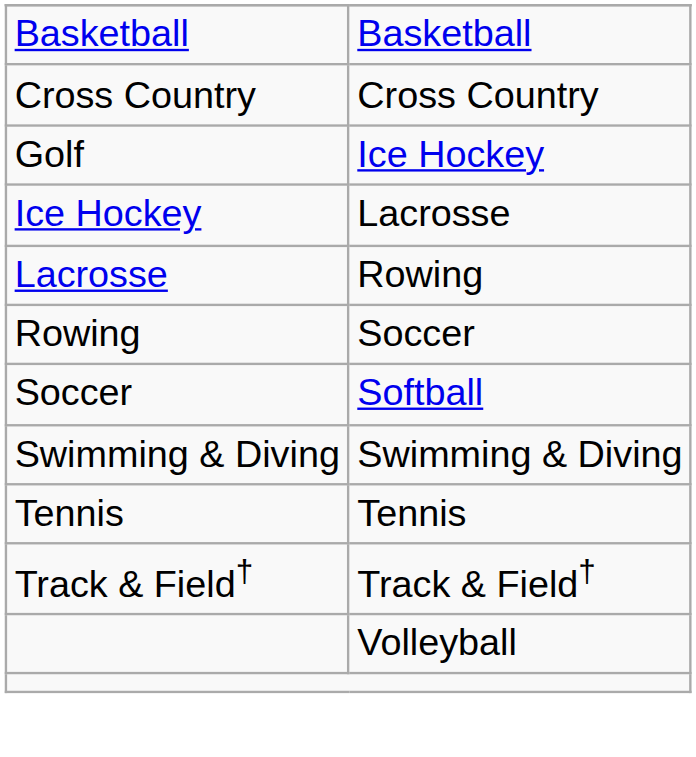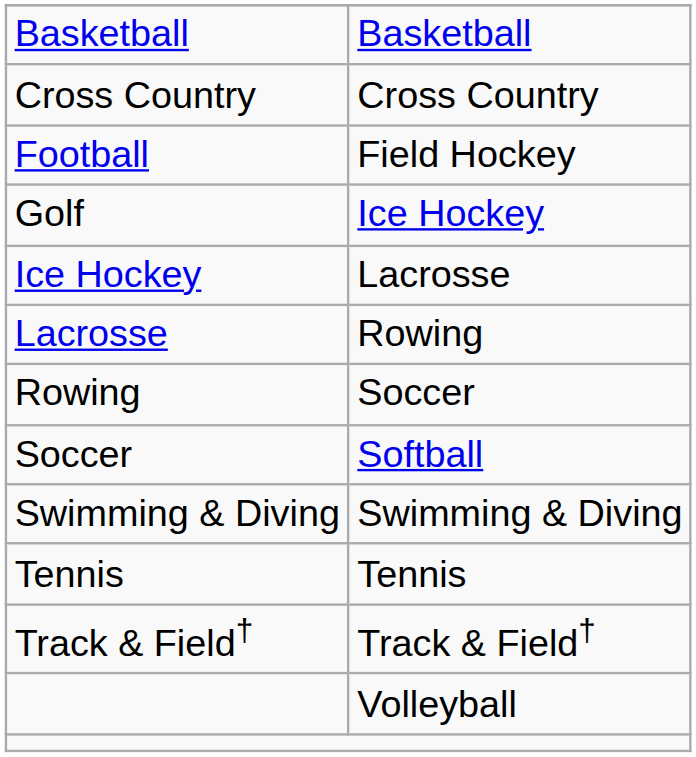 <table class="wikitable" style="text-align: left; margin:0 0 1em 1em;">
 <tr>
 </tr>
 <tr>
 <td><a href='#'>Basketball</a></td>
 <td><a href='#'>Basketball</a></td>
 </tr>
 <tr>
 <td>Cross Country</td>
 <td>Cross Country</td>
+</tr>
+<tr>
+<td><a href='#'>Football</a></td>
+<td>Field Hockey</td>
 </tr>
 <tr>
 <td>Golf</td>
 <td><a href='#'>Ice Hockey</a></td>
 </tr>
 <tr>
 <td><a href='#'>Ice Hockey</a></td>
 <td>Lacrosse</td>
 </tr>
 <tr>
 <td><a href='#'>Lacrosse</a></td>
 <td>Rowing</td>
 </tr>
 <tr>
 <td>Rowing</td>
 <td>Soccer</td>
 </tr>
 <tr>
 <td>Soccer</td>
 <td><a href='#'>Softball</a></td>
 </tr>
 <tr>
 <td>Swimming & Diving</td>
 <td>Swimming & Diving</td>
 </tr>
 <tr>
 <td>Tennis</td>
 <td>Tennis</td>
 </tr>
 <tr>
 <td>Track & Field<sup>†</sup></td>
 <td>Track & Field<sup>†</sup></td>
 </tr>
 <tr>
 <td></td>
 <td>Volleyball</td>
 </tr>
 <tr>
 <td colspan="2"></td>
 </tr>
 </table>
